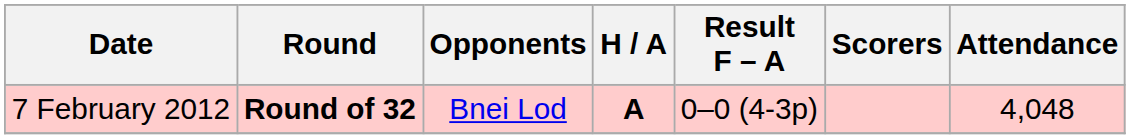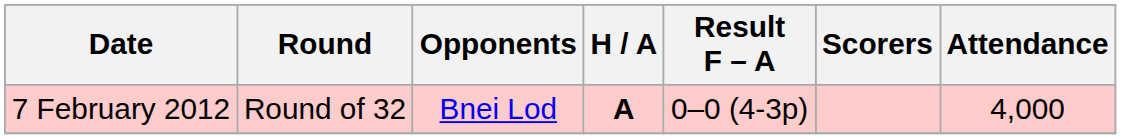 <table class="wikitable" style="text-align:center">
 <tr>
 <th>Date</th>
 <th>Round</th>
 <th>Opponents</th>
 <th>H / A</th>
 <th>Result<br>F – A</th>
 <th>Scorers</th>
 <th>Attendance</th>
 </tr>
 <tr bgcolor="#ffcccc">
 <td>7 February 2012</td>
-<td><strong>Round of 32</strong></td>
+<td>Round of 32</td>
 <td><a href='#'>Bnei Lod</a></td>
 <td><strong>A</strong></td>
 <td>0–0 (4-3p)</td>
 <td></td>
-<td>4,048</td>
+<td>4,000</td>
 </tr>
 <tr bgcolor="white">
 </tr>
 </table>
